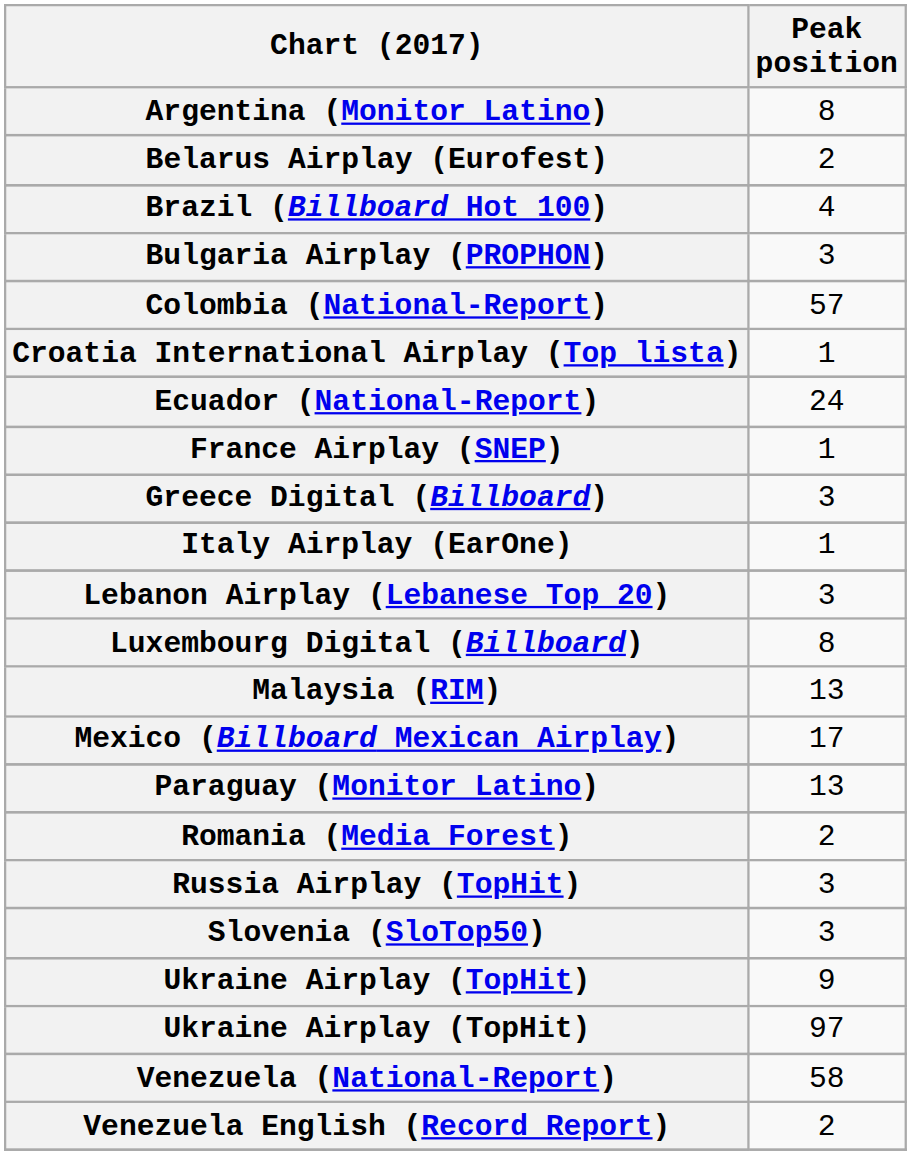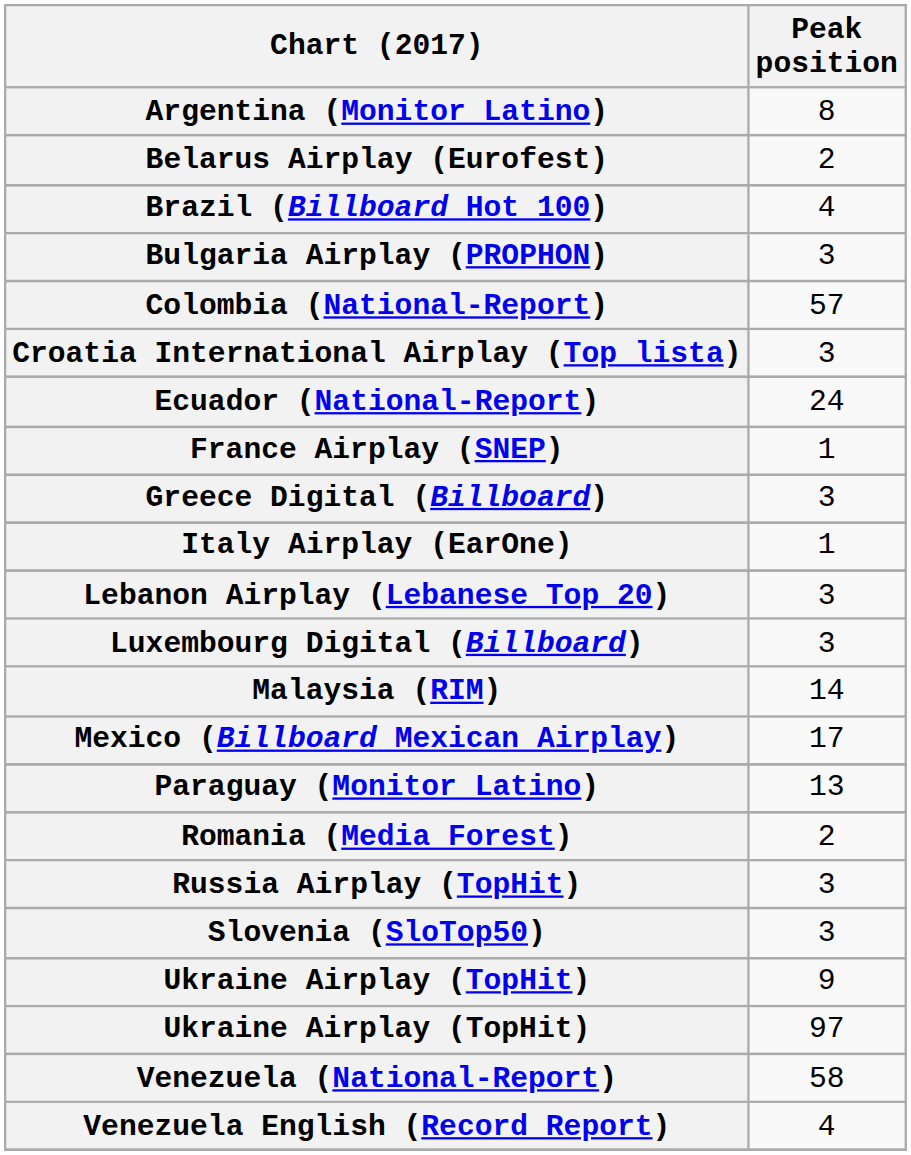 <table class="wikitable sortable plainrowheaders" style="text-align:center">
 <tr>
 <th scope="col">Chart (2017)</th>
 <th scope="col">Peak<br>position</th>
 </tr>
 <tr>
 <th scope="row">Argentina (<a href='#'>Monitor Latino</a>)</th>
 <td>8</td>
 </tr>
 <tr>
 </tr>
 <tr>
 </tr>
 <tr>
 <th scope="row">Belarus Airplay (Eurofest)</th>
 <td>2</td>
 </tr>
 <tr>
 </tr>
 <tr>
 </tr>
 <tr>
 <th scope="row">Brazil (<a href='#'><em>Billboard</em> Hot 100</a>)</th>
 <td>4</td>
 </tr>
 <tr>
 <th scope="row">Bulgaria Airplay (<a href='#'>PROPHON</a>)</th>
 <td>3</td>
 </tr>
 <tr>
 </tr>
 <tr>
 </tr>
 <tr>
 </tr>
 <tr>
 </tr>
 <tr>
 </tr>
 <tr>
 <th scope="row">Colombia (<a href='#'>National-Report</a>)</th>
 <td>57</td>
 </tr>
 <tr>
 <th scope="row">Croatia International Airplay (<a href='#'>Top lista</a>)</th>
-<td>1</td>
+<td>3</td>
 </tr>
 <tr>
 </tr>
 <tr>
 </tr>
 <tr>
 </tr>
 <tr>
 <th scope="row">Ecuador (<a href='#'>National-Report</a>)</th>
 <td>24</td>
 </tr>
 <tr>
 </tr>
 <tr>
 </tr>
 <tr>
 <th scope="row">France Airplay (<a href='#'>SNEP</a>)</th>
 <td style="text-align:center;">1</td>
 </tr>
 <tr>
 </tr>
 <tr>
 <th scope="row">Greece Digital (<em><a href='#'>Billboard</a></em>)</th>
 <td>3</td>
 </tr>
 <tr>
 </tr>
 <tr>
 </tr>
 <tr>
 </tr>
 <tr>
 </tr>
 <tr>
 </tr>
 <tr>
 <th scope="row">Italy Airplay (EarOne)</th>
 <td>1</td>
 </tr>
 <tr>
 </tr>
 <tr>
 <th scope="row">Lebanon Airplay (<a href='#'>Lebanese Top 20</a>)</th>
 <td>3</td>
 </tr>
 <tr>
 <th scope="row">Luxembourg Digital (<em><a href='#'>Billboard</a></em>)</th>
-<td>8</td>
+<td>3</td>
 </tr>
 <tr>
 <th scope="row">Malaysia (<a href='#'>RIM</a>)</th>
-<td>13</td>
+<td>14</td>
 </tr>
 <tr>
 <th scope="row">Mexico (<a href='#'><em>Billboard</em> Mexican Airplay</a>)</th>
 <td>17</td>
 </tr>
 <tr>
 </tr>
 <tr>
 </tr>
 <tr>
 </tr>
 <tr>
 </tr>
 <tr>
 <th scope="row">Paraguay (<a href='#'>Monitor Latino</a>)</th>
 <td>13</td>
 </tr>
 <tr>
 </tr>
 <tr>
 </tr>
 <tr>
 <th scope="row">Romania (<a href='#'>Media Forest</a>)</th>
 <td>2</td>
 </tr>
 <tr>
 <th scope="row">Russia Airplay (<a href='#'>TopHit</a>)</th>
 <td>3</td>
 </tr>
 <tr>
 </tr>
 <tr>
 </tr>
 <tr>
 </tr>
 <tr>
 <th scope="row">Slovenia (<a href='#'>SloTop50</a>)</th>
 <td>3</td>
 </tr>
 <tr>
 </tr>
 <tr>
 </tr>
 <tr>
 </tr>
 <tr>
 </tr>
 <tr>
 <th scope="row">Ukraine Airplay (<a href='#'>TopHit</a>)</th>
 <td>9</td>
 </tr>
 <tr>
 <th scope="row">Ukraine Airplay (TopHit)<br></th>
 <td>97</td>
 </tr>
 <tr>
 </tr>
 <tr>
 </tr>
 <tr>
 </tr>
 <tr>
 </tr>
 <tr>
 </tr>
 <tr>
 </tr>
 <tr>
 </tr>
 <tr>
 <th scope="row">Venezuela (<a href='#'>National-Report</a>)</th>
 <td>58</td>
 </tr>
 <tr>
 <th scope="row">Venezuela English (<a href='#'>Record Report</a>)</th>
-<td>2</td>
+<td>4</td>
 </tr>
 <tr>
 </tr>
 </table>
